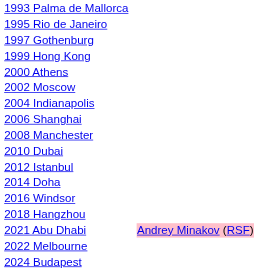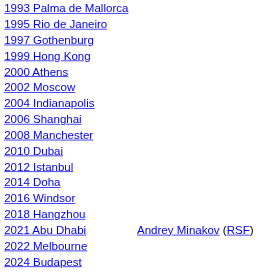 <table>
 <tr>
 <td><a href='#'>1993 Palma de Mallorca</a></td>
 <td></td>
 <td></td>
 <td></td>
 </tr>
 <tr>
 <td><a href='#'>1995 Rio de Janeiro</a></td>
 <td></td>
 <td></td>
 <td></td>
 </tr>
 <tr>
 <td><a href='#'>1997 Gothenburg</a></td>
 <td></td>
 <td></td>
 <td></td>
 </tr>
 <tr>
 <td><a href='#'>1999 Hong Kong</a></td>
 <td></td>
 <td></td>
 <td></td>
 </tr>
 <tr>
 <td><a href='#'>2000 Athens</a></td>
 <td></td>
 <td></td>
 <td></td>
 </tr>
 <tr>
 <td><a href='#'>2002 Moscow</a></td>
 <td></td>
 <td></td>
 <td></td>
 </tr>
 <tr>
 <td><a href='#'>2004 Indianapolis</a></td>
 <td></td>
 <td></td>
 <td></td>
 </tr>
 <tr>
 <td><a href='#'>2006 Shanghai</a></td>
 <td></td>
 <td></td>
 <td></td>
 </tr>
 <tr>
 <td><a href='#'>2008 Manchester</a></td>
 <td></td>
 <td></td>
 <td></td>
 </tr>
 <tr>
 <td><a href='#'>2010 Dubai</a></td>
 <td></td>
 <td></td>
 <td></td>
 </tr>
 <tr>
 <td><a href='#'>2012 Istanbul</a></td>
 <td></td>
 <td></td>
 <td></td>
 </tr>
 <tr>
 <td><a href='#'>2014 Doha</a></td>
 <td></td>
 <td></td>
 <td></td>
 </tr>
 <tr>
 <td><a href='#'>2016 Windsor</a></td>
 <td></td>
 <td></td>
 <td></td>
 </tr>
 <tr>
 <td><a href='#'>2018 Hangzhou</a></td>
 <td></td>
 <td></td>
 <td></td>
 </tr>
 <tr>
 <td><a href='#'>2021 Abu Dhabi</a></td>
 <td></td>
 <td></td>
-<td style="background: pink;"><a href='#'>Andrey Minakov</a> (<a href='#'>RSF</a>)</td>
+<td><a href='#'>Andrey Minakov</a> (<a href='#'>RSF</a>)</td>
 </tr>
 <tr>
 <td><a href='#'>2022 Melbourne</a></td>
 <td></td>
 <td></td>
 <td></td>
 </tr>
 <tr>
 <td><a href='#'>2024 Budapest</a></td>
 <td></td>
 <td></td>
 <td></td>
 </tr>
 </table>
